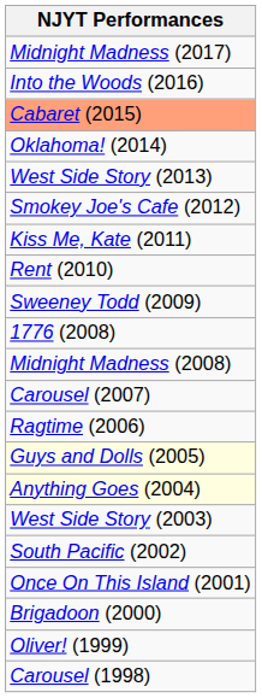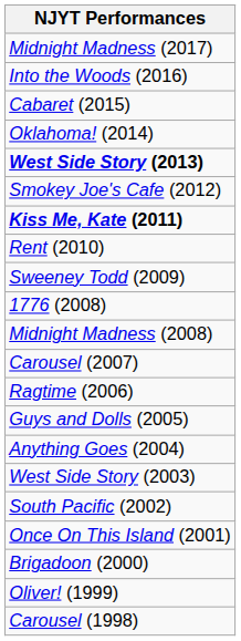 <table class="wikitable" border="1">
 <tr>
 <th>NJYT Performances</th>
 </tr>
 <tr>
 <td><em><a href='#'>Midnight Madness</a></em> (2017)</td>
 </tr>
 <tr>
 <td><em><a href='#'>Into the Woods</a></em> (2016)</td>
 </tr>
 <tr>
-<td style="background: lightsalmon;"><em><a href='#'>Cabaret</a></em> (2015)</td>
+<td><em><a href='#'>Cabaret</a></em> (2015)</td>
 </tr>
 <tr>
 <td><em><a href='#'>Oklahoma!</a></em> (2014)</td>
 </tr>
 <tr>
-<td><em><a href='#'>West Side Story</a></em> (2013)</td>
+<td><strong><em><a href='#'>West Side Story</a></em> (2013)</strong></td>
 </tr>
 <tr>
 <td><em><a href='#'>Smokey Joe's Cafe</a></em> (2012)</td>
 </tr>
 <tr>
-<td><em><a href='#'>Kiss Me, Kate</a></em> (2011)</td>
+<td><strong><em><a href='#'>Kiss Me, Kate</a></em> (2011)</strong></td>
 </tr>
 <tr>
 <td><em><a href='#'>Rent</a></em> (2010)</td>
 </tr>
 <tr>
 <td><em><a href='#'>Sweeney Todd</a></em> (2009)</td>
 </tr>
 <tr>
 <td><em><a href='#'>1776</a></em> (2008)</td>
 </tr>
 <tr>
 <td><em><a href='#'>Midnight Madness</a></em> (2008)</td>
 </tr>
 <tr>
 <td><em><a href='#'>Carousel</a></em> (2007)</td>
 </tr>
 <tr>
 <td><em><a href='#'>Ragtime</a></em> (2006)</td>
 </tr>
 <tr>
-<td style="background: lightyellow;"><em><a href='#'>Guys and Dolls</a></em> (2005)</td>
+<td><em><a href='#'>Guys and Dolls</a></em> (2005)</td>
 </tr>
 <tr>
-<td style="background: lightyellow;"><em><a href='#'>Anything Goes</a></em> (2004)</td>
+<td><em><a href='#'>Anything Goes</a></em> (2004)</td>
 </tr>
 <tr>
 <td><em><a href='#'>West Side Story</a></em> (2003)</td>
 </tr>
 <tr>
 <td><em><a href='#'>South Pacific</a></em> (2002)</td>
 </tr>
 <tr>
 <td><em><a href='#'>Once On This Island</a></em> (2001)</td>
 </tr>
 <tr>
 <td><em><a href='#'>Brigadoon</a></em> (2000)</td>
 </tr>
 <tr>
 <td><em><a href='#'>Oliver!</a></em> (1999)</td>
 </tr>
 <tr>
 <td><em><a href='#'>Carousel</a></em> (1998)</td>
 </tr>
 </table>
